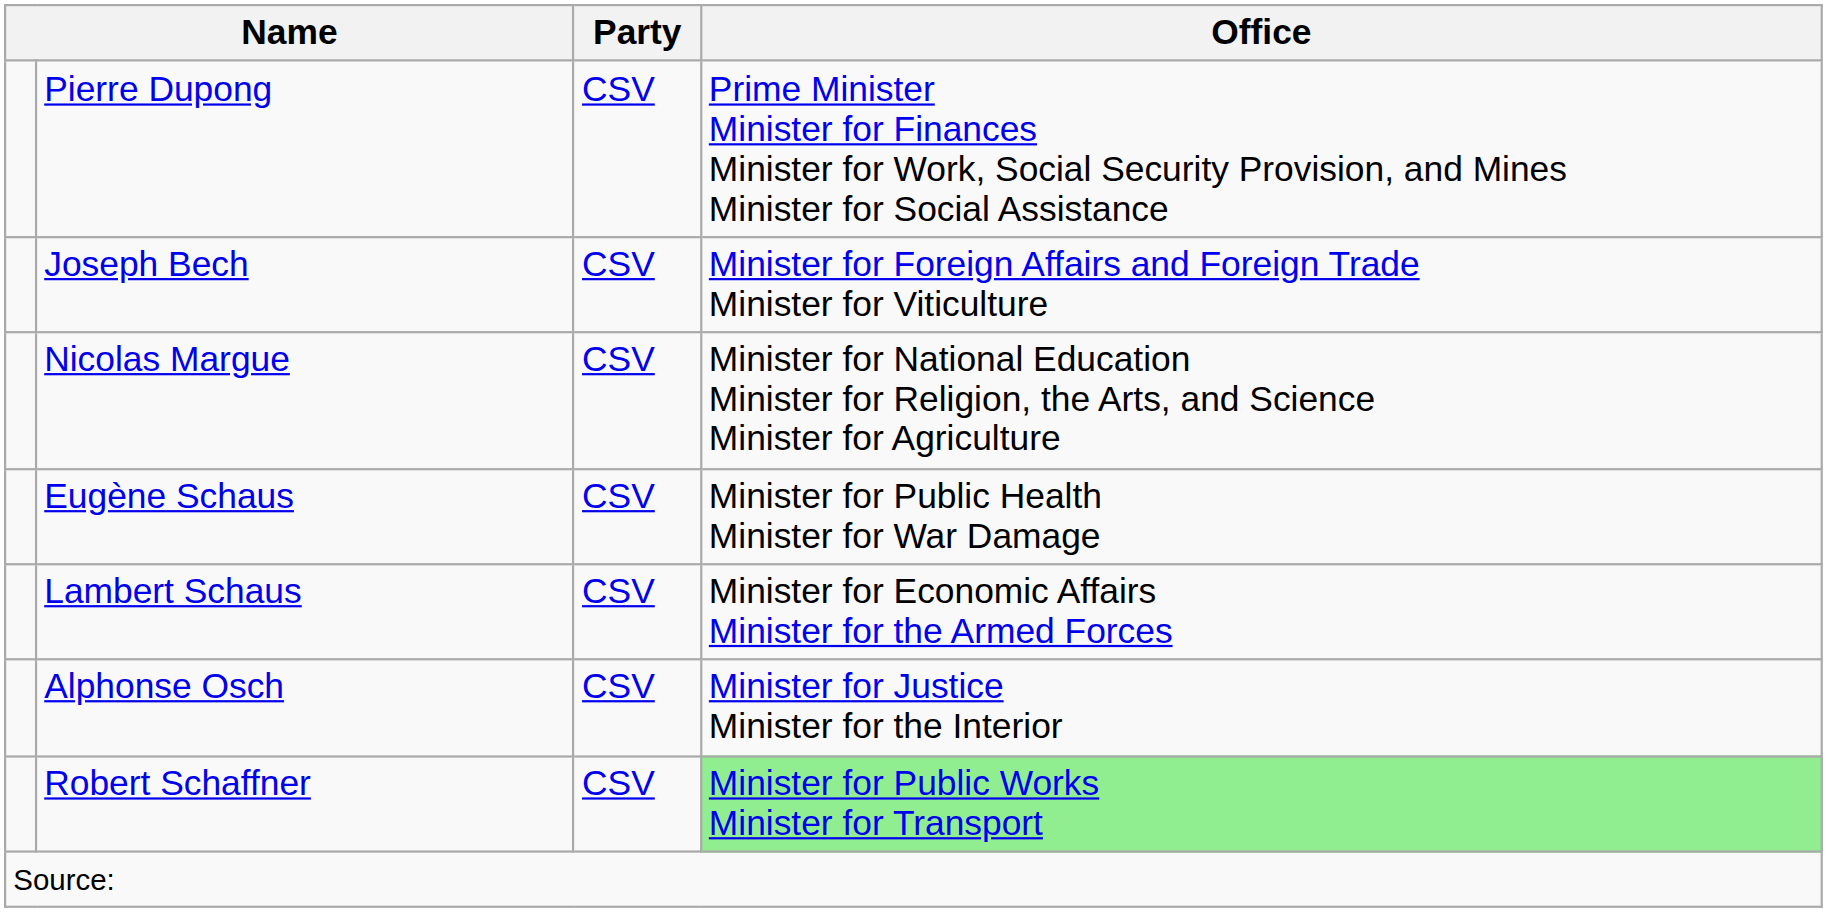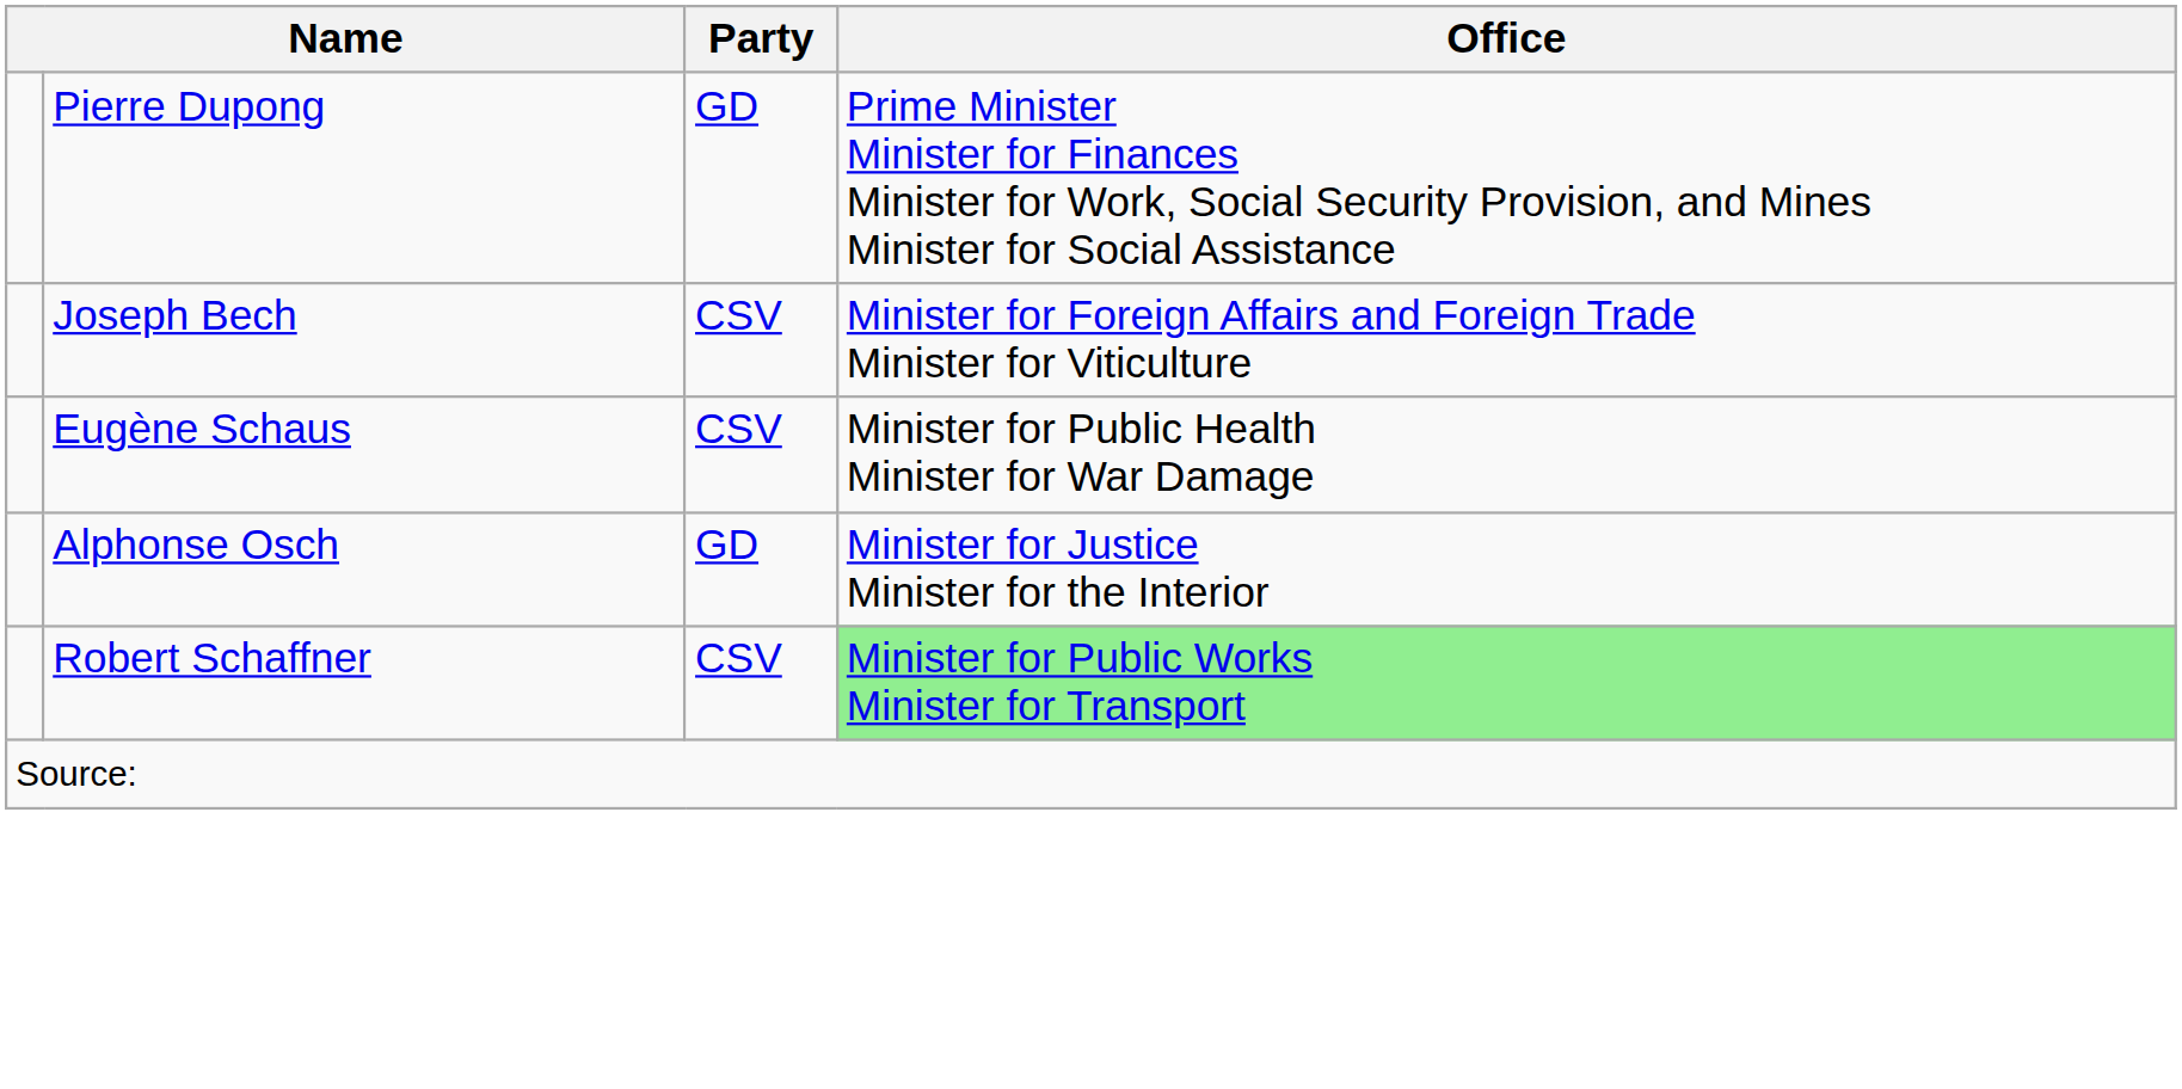 <table class="wikitable">
 <tr>
 <th colspan=2 width=250px>Name</th>
 <th width=50px>Party</th>
 <th width=500px>Office</th>
 </tr>
 <tr>
 <td style="background-color: "></td>
 <td valign=top><a href='#'>Pierre Dupong</a></td>
-<td valign=top><a href='#'>CSV</a></td>
+<td valign=top><a href='#'>GD</a></td>
 <td><a href='#'>Prime Minister</a> <br> <a href='#'>Minister for Finances</a> <br> Minister for Work, Social Security Provision, and Mines <br> Minister for Social Assistance</td>
 </tr>
 <tr>
 <td style="background-color: "></td>
 <td valign=top><a href='#'>Joseph Bech</a></td>
 <td valign=top><a href='#'>CSV</a></td>
 <td><a href='#'>Minister for Foreign Affairs and Foreign Trade</a> <br> Minister for Viticulture</td>
 </tr>
 <tr>
 <td style="background-color: "></td>
-<td valign=top><a href='#'>Nicolas Margue</a></td>
-<td valign=top><a href='#'>CSV</a></td>
-<td>Minister for National Education <br> Minister for Religion, the Arts, and Science <br> Minister for Agriculture</td>
-</tr>
-<tr>
-<td style="background-color: "></td>
 <td valign=top><a href='#'>Eugène Schaus</a></td>
 <td valign=top><a href='#'>CSV</a></td>
 <td>Minister for Public Health <br> Minister for War Damage</td>
 </tr>
 <tr>
 <td style="background-color: "></td>
-<td valign=top><a href='#'>Lambert Schaus</a></td>
-<td valign=top><a href='#'>CSV</a></td>
-<td>Minister for Economic Affairs <br> <a href='#'>Minister for the Armed Forces</a></td>
-</tr>
-<tr>
-<td style="background-color: "></td>
 <td valign=top><a href='#'>Alphonse Osch</a></td>
-<td valign=top><a href='#'>CSV</a></td>
+<td valign=top><a href='#'>GD</a></td>
 <td><a href='#'>Minister for Justice</a> <br> Minister for the Interior</td>
 </tr>
 <tr>
 <td style="background-color: "></td>
 <td valign=top><a href='#'>Robert Schaffner</a></td>
 <td valign=top><a href='#'>CSV</a></td>
 <td style="background: lightgreen;"><a href='#'>Minister for Public Works</a> <br> <a href='#'>Minister for Transport</a></td>
 </tr>
 <tr>
 <td colspan=4><small>Source: </small></td>
 </tr>
 </table>
